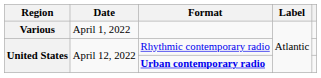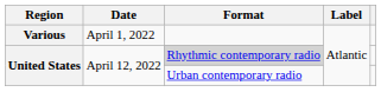 <table class="wikitable plainrowheaders">
 <tr>
 <th scope="col">Region</th>
 <th scope="col">Date</th>
 <th scope="col">Format</th>
 <th scope="col">Label</th>
 <th scope="col"></th>
 </tr>
 <tr>
 <th scope="row">Various</th>
 <td>April 1, 2022</td>
 <td></td>
 <td rowspan="3">Atlantic</td>
 <td></td>
 </tr>
 <tr>
 <th scope="row" rowspan="2">United States</th>
 <td rowspan="2">April 12, 2022</td>
-<td><a href='#'>Rhythmic contemporary radio</a></td>
+<td style="background: lightgrey;"><a href='#'>Rhythmic contemporary radio</a></td>
 <td></td>
 </tr>
 <tr>
-<td><strong><a href='#'>Urban contemporary radio</a></strong></td>
+<td><a href='#'>Urban contemporary radio</a></td>
 <td></td>
 </tr>
 </table>
